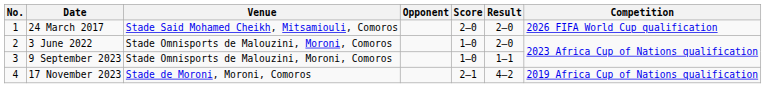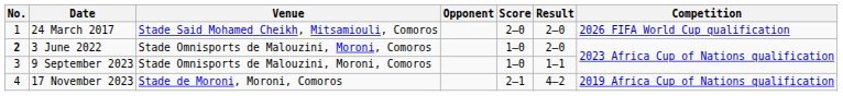 <table class="wikitable sortable">
 <tr>
 <th scope="col">No.</th>
 <th scope="col">Date</th>
 <th scope="col">Venue</th>
 <th scope="col">Opponent</th>
 <th scope="col">Score</th>
 <th scope="col">Result</th>
 <th scope="col">Competition</th>
 </tr>
 <tr>
 <td align="center">1</td>
 <td>24 March 2017</td>
 <td><a href='#'>Stade Said Mohamed Cheikh</a>, <a href='#'>Mitsamiouli</a>, Comoros</td>
 <td></td>
 <td align="center">2–0</td>
 <td align="center">2–0</td>
 <td><a href='#'>2026 FIFA World Cup qualification</a></td>
 </tr>
 <tr>
-<td align="center">2</td>
+<td align="center"><strong>2</strong></td>
 <td>3 June 2022</td>
 <td>Stade Omnisports de Malouzini, <a href='#'>Moroni</a>, Comoros</td>
 <td></td>
 <td align="center">1–0</td>
 <td align="center">2–0</td>
 <td rowspan=2><a href='#'>2023 Africa Cup of Nations qualification</a></td>
 </tr>
 <tr>
 <td align="center">3</td>
 <td>9 September 2023</td>
 <td>Stade Omnisports de Malouzini, Moroni, Comoros</td>
 <td></td>
 <td align="center">1–0</td>
 <td align="center">1–1</td>
 </tr>
 <tr>
 <td align="center">4</td>
 <td>17 November 2023</td>
 <td><a href='#'>Stade de Moroni</a>, Moroni, Comoros</td>
 <td></td>
 <td align="center">2–1</td>
 <td align="center">4–2</td>
 <td><a href='#'>2019 Africa Cup of Nations qualification</a></td>
 </tr>
 </table>
